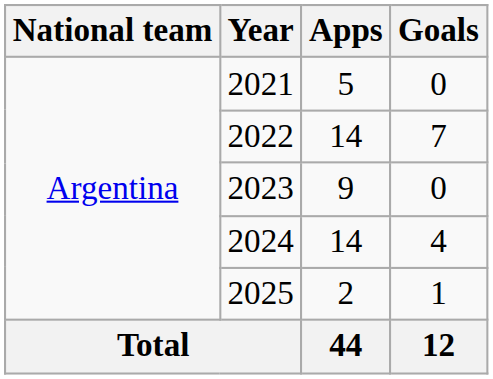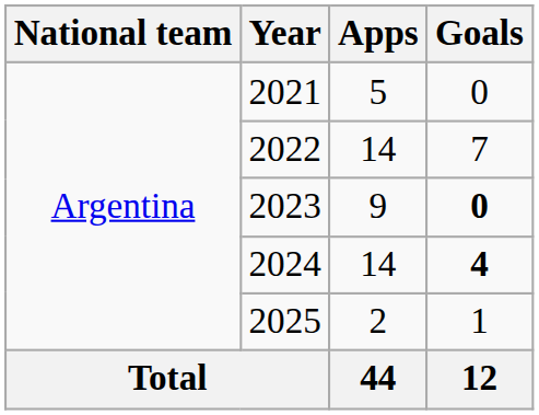 <table class="wikitable" style="text-align: center;">
 <tr>
 <th>National team</th>
 <th>Year</th>
 <th>Apps</th>
 <th>Goals</th>
 </tr>
 <tr>
 <td rowspan="5"><a href='#'>Argentina</a></td>
 <td>2021</td>
 <td>5</td>
 <td>0</td>
 </tr>
 <tr>
 <td>2022</td>
 <td>14</td>
 <td>7</td>
 </tr>
 <tr>
 <td>2023</td>
 <td>9</td>
-<td>0</td>
+<td><strong>0</strong></td>
 </tr>
 <tr>
 <td>2024</td>
 <td>14</td>
-<td>4</td>
+<td><strong>4</strong></td>
 </tr>
 <tr>
 <td>2025</td>
 <td>2</td>
 <td>1</td>
 </tr>
 <tr>
 <th colspan="2">Total</th>
 <th>44</th>
 <th>12</th>
 </tr>
 </table>
